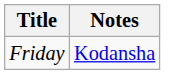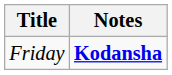 <table class="wikitable">
 <tr>
 <th>Title</th>
 <th>Notes</th>
 </tr>
 <tr>
 <td><em>Friday</em></td>
-<td><a href='#'>Kodansha</a></td>
+<td><strong><a href='#'>Kodansha</a></strong></td>
 </tr>
 </table>
